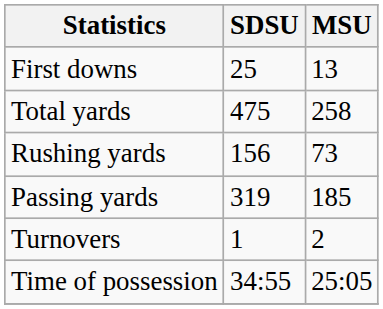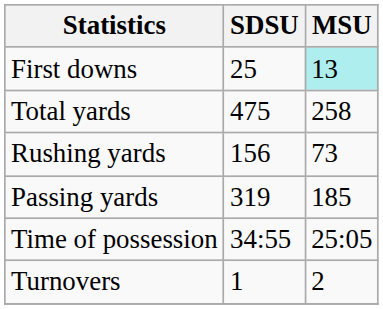 <table class="wikitable">
 <tr>
 <th>Statistics</th>
 <th>SDSU</th>
 <th>MSU</th>
 </tr>
 <tr>
 <td>First downs</td>
 <td>25</td>
-<td>13</td>
+<td style="background: paleturquoise;">13</td>
 </tr>
 <tr>
 <td>Total yards</td>
 <td>475</td>
 <td>258</td>
 </tr>
 <tr>
 <td>Rushing yards</td>
 <td>156</td>
 <td>73</td>
 </tr>
 <tr>
 <td>Passing yards</td>
 <td>319</td>
 <td>185</td>
 </tr>
 <tr>
+<td>Time of possession</td>
+<td>34:55</td>
+<td>25:05</td>
+</tr>
+<tr>
 <td>Turnovers</td>
 <td>1</td>
 <td>2</td>
 </tr>
 <tr>
-<td>Time of possession</td>
-<td>34:55</td>
-<td>25:05</td>
-</tr>
-<tr>
 </tr>
 </table>
